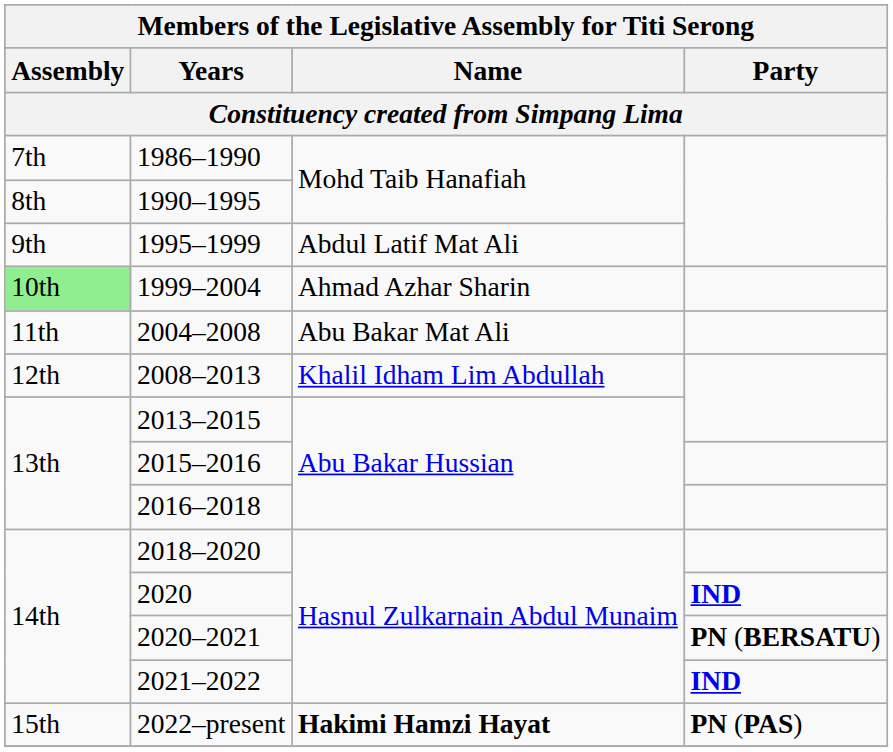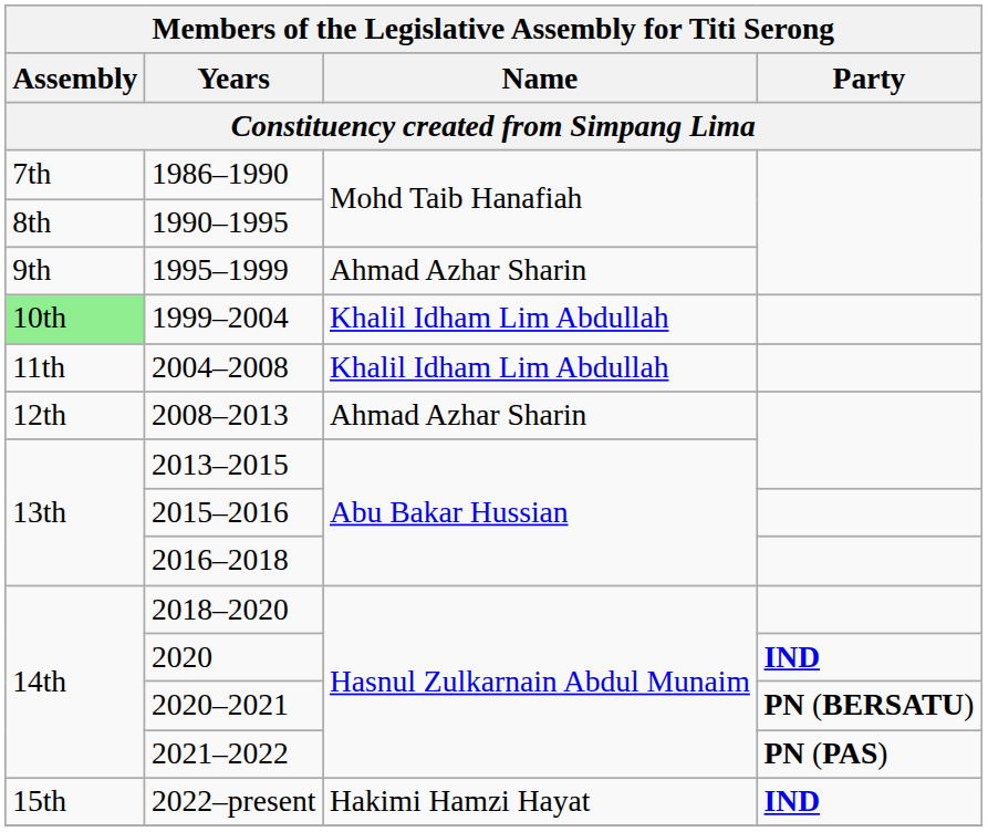 <table class="wikitable">
 <tr>
 <th colspan="4">Members of the Legislative Assembly for Titi Serong</th>
 </tr>
 <tr>
 <th>Assembly</th>
 <th>Years</th>
 <th>Name</th>
 <th>Party</th>
 </tr>
 <tr>
 <th colspan="4"><em>Constituency created from Simpang Lima</em></th>
 </tr>
 <tr>
 <td>7th</td>
 <td>1986–1990</td>
 <td rowspan="2">Mohd Taib Hanafiah</td>
 <td rowspan="3"></td>
 </tr>
 <tr>
 <td>8th</td>
 <td>1990–1995</td>
 </tr>
 <tr>
 <td>9th</td>
 <td>1995–1999</td>
-<td>Abdul Latif Mat Ali</td>
+<td>Ahmad Azhar Sharin</td>
 </tr>
 <tr>
 <td style="background: lightgreen;">10th</td>
 <td>1999–2004</td>
-<td>Ahmad Azhar Sharin</td>
+<td><a href='#'>Khalil Idham Lim Abdullah</a></td>
 <td></td>
 </tr>
 <tr>
 <td>11th</td>
 <td>2004–2008</td>
-<td>Abu Bakar Mat Ali</td>
+<td><a href='#'>Khalil Idham Lim Abdullah</a></td>
 <td></td>
 </tr>
 <tr>
 <td>12th</td>
 <td>2008–2013</td>
-<td><a href='#'>Khalil Idham Lim Abdullah</a></td>
+<td>Ahmad Azhar Sharin</td>
 <td rowspan=2></td>
 </tr>
 <tr>
 <td rowspan=3>13th</td>
 <td>2013–2015</td>
 <td rowspan=3><a href='#'>Abu Bakar Hussian</a></td>
 </tr>
 <tr>
 <td>2015–2016</td>
 <td></td>
 </tr>
 <tr>
 <td>2016–2018</td>
 <td></td>
 </tr>
 <tr>
 <td rowspan="4">14th</td>
 <td>2018–2020</td>
 <td rowspan="4"><a href='#'>Hasnul Zulkarnain Abdul Munaim</a></td>
 <td></td>
 </tr>
 <tr>
 <td>2020</td>
 <td bgcolor=><strong><a href='#'>IND</a></strong></td>
 </tr>
 <tr>
 <td>2020–2021</td>
 <td style="background:"><strong>PN</strong> (<strong>BERSATU</strong>)</td>
 </tr>
 <tr>
 <td>2021–2022</td>
-<td bgcolor=><strong><a href='#'>IND</a></strong></td>
+<td style="background:"><strong>PN</strong> (<strong>PAS</strong>)</td>
 </tr>
 <tr>
 <td>15th</td>
 <td>2022–present</td>
-<td><strong>Hakimi Hamzi Hayat</strong></td>
-<td style="background:"><strong>PN</strong> (<strong>PAS</strong>)</td>
+<td>Hakimi Hamzi Hayat</td>
+<td bgcolor=><strong><a href='#'>IND</a></strong></td>
 </tr>
 <tr>
 </tr>
 </table>
